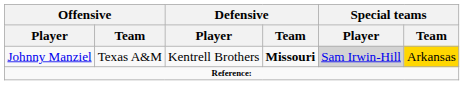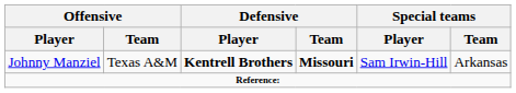 <table class="wikitable" border="1">
 <tr>
 <th colspan="2">Offensive</th>
 <th colspan="2">Defensive</th>
 <th colspan="2">Special teams</th>
 </tr>
 <tr>
 <th>Player</th>
 <th>Team</th>
 <th>Player</th>
 <th>Team</th>
 <th>Player</th>
 <th>Team</th>
 </tr>
 <tr>
 <td><a href='#'>Johnny Manziel</a></td>
 <td>Texas A&M</td>
-<td>Kentrell Brothers</td>
+<td><strong>Kentrell Brothers</strong></td>
 <td><strong>Missouri</strong></td>
-<td style="background: lightgrey;"><a href='#'>Sam Irwin-Hill</a></td>
-<td style="background: gold;">Arkansas</td>
+<td><a href='#'>Sam Irwin-Hill</a></td>
+<td>Arkansas</td>
 </tr>
 <tr>
 <td colspan="6" style="font-size: 8pt" align="center"><strong>Reference:</strong></td>
 </tr>
 </table>
